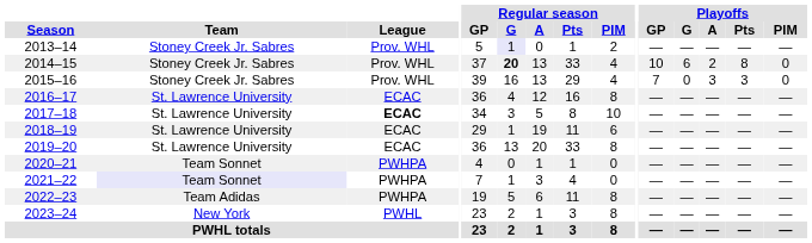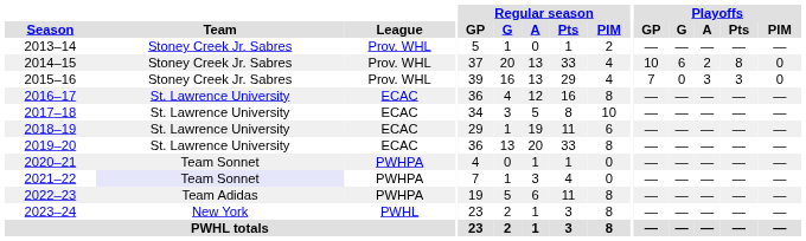 <table border="0" cellpadding="1" cellspacing="0" style="text-align:center; width:60em">
 <tr bgcolor="#e0e0e0">
 <th colspan="3" bgcolor="#ffffff"></th>
 <th rowspan="97" bgcolor="#ffffff"></th>
 <th colspan="5"><a href='#'>Regular season</a></th>
 <th rowspan="97" bgcolor="#ffffff"></th>
 <th colspan="5"><a href='#'>Playoffs</a></th>
 </tr>
 <tr bgcolor="#e0e0e0">
 <th><a href='#'>Season</a></th>
 <th>Team</th>
 <th>League</th>
 <th>GP</th>
 <th><a href='#'>G</a></th>
 <th><a href='#'>A</a></th>
 <th><a href='#'>Pts</a></th>
 <th><a href='#'>PIM</a></th>
 <th>GP</th>
 <th>G</th>
 <th>A</th>
 <th>Pts</th>
 <th>PIM</th>
 </tr>
 <tr>
 <td>2013–14</td>
 <td><a href='#'>Stoney Creek Jr. Sabres</a></td>
 <td><a href='#'>Prov. WHL</a></td>
 <td>5</td>
-<td style="background: lavender;">1</td>
+<td>1</td>
 <td>0</td>
 <td>1</td>
 <td>2</td>
 <td>—</td>
 <td>—</td>
 <td>—</td>
 <td>—</td>
 <td>—</td>
 </tr>
 <tr bgcolor="f0f0f0">
 <td>2014–15</td>
 <td>Stoney Creek Jr. Sabres</td>
 <td>Prov. WHL</td>
 <td>37</td>
-<td><strong>20</strong></td>
+<td>20</td>
 <td>13</td>
 <td>33</td>
 <td>4</td>
 <td>10</td>
 <td>6</td>
 <td>2</td>
 <td>8</td>
 <td>0</td>
 </tr>
 <tr>
 <td>2015–16</td>
 <td>Stoney Creek Jr. Sabres</td>
 <td>Prov. WHL</td>
 <td>39</td>
 <td>16</td>
 <td>13</td>
 <td>29</td>
 <td>4</td>
 <td>7</td>
 <td>0</td>
 <td>3</td>
 <td>3</td>
 <td>0</td>
 </tr>
 <tr bgcolor="#f0f0f0">
 <td><a href='#'>2016–17</a></td>
 <td><a href='#'>St. Lawrence University</a></td>
 <td><a href='#'>ECAC</a></td>
 <td>36</td>
 <td>4</td>
 <td>12</td>
 <td>16</td>
 <td>8</td>
 <td>—</td>
 <td>—</td>
 <td>—</td>
 <td>—</td>
 <td>—</td>
 </tr>
 <tr>
 <td><a href='#'>2017–18</a></td>
 <td>St. Lawrence University</td>
-<td><strong>ECAC</strong></td>
+<td>ECAC</td>
 <td>34</td>
 <td>3</td>
 <td>5</td>
 <td>8</td>
 <td>10</td>
 <td>—</td>
 <td>—</td>
 <td>—</td>
 <td>—</td>
 <td>—</td>
 </tr>
 <tr bgcolor="#f0f0f0">
 <td><a href='#'>2018–19</a></td>
 <td>St. Lawrence University</td>
 <td>ECAC</td>
 <td>29</td>
 <td>1</td>
 <td>19</td>
 <td>11</td>
 <td>6</td>
 <td>—</td>
 <td>—</td>
 <td>—</td>
 <td>—</td>
 <td>—</td>
 </tr>
 <tr>
 <td><a href='#'>2019–20</a></td>
 <td>St. Lawrence University</td>
 <td>ECAC</td>
 <td>36</td>
 <td>13</td>
 <td>20</td>
 <td>33</td>
 <td>8</td>
 <td>—</td>
 <td>—</td>
 <td>—</td>
 <td>—</td>
 <td>—</td>
 </tr>
 <tr bgcolor="#f0f0f0">
 <td><a href='#'>2020–21</a></td>
 <td>Team Sonnet</td>
 <td><a href='#'>PWHPA</a></td>
 <td>4</td>
 <td>0</td>
 <td>1</td>
 <td>1</td>
 <td>0</td>
 <td>—</td>
 <td>—</td>
 <td>—</td>
 <td>—</td>
 <td>—</td>
 </tr>
 <tr>
 <td><a href='#'>2021–22</a></td>
 <td style="background: lavender;">Team Sonnet</td>
 <td>PWHPA</td>
 <td>7</td>
 <td>1</td>
 <td>3</td>
 <td>4</td>
 <td>0</td>
 <td>—</td>
 <td>—</td>
 <td>—</td>
 <td>—</td>
 <td>—</td>
 </tr>
 <tr bgcolor="#f0f0f0">
 <td><a href='#'>2022–23</a></td>
 <td>Team Adidas</td>
 <td>PWHPA</td>
 <td>19</td>
 <td>5</td>
 <td>6</td>
 <td>11</td>
 <td>8</td>
 <td>—</td>
 <td>—</td>
 <td>—</td>
 <td>—</td>
 <td>—</td>
 </tr>
 <tr>
 <td><a href='#'>2023–24</a></td>
 <td><a href='#'>New York</a></td>
 <td><a href='#'>PWHL</a></td>
 <td>23</td>
 <td>2</td>
 <td>1</td>
 <td>3</td>
 <td>8</td>
 <td>—</td>
 <td>—</td>
 <td>—</td>
 <td>—</td>
 <td>—</td>
 </tr>
 <tr style="background:#e0e0e0;">
 <th colspan="3">PWHL totals</th>
 <th>23</th>
 <th>2</th>
 <th>1</th>
 <th>3</th>
 <th>8</th>
 <th>—</th>
 <th>—</th>
 <th>—</th>
 <th>—</th>
 <th>—</th>
 </tr>
 </table>
